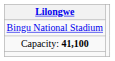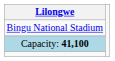 <table class="wikitable" style="text-align:center">
 <tr>
 <th><a href='#'>Lilongwe</a></th>
 <td rowspan=4></td>
 </tr>
 <tr>
 <td><a href='#'>Bingu National Stadium</a></td>
 </tr>
 <tr>
-<td>Capacity: <strong>41,100</strong></td>
+<td style="background: lightblue;">Capacity: <strong>41,100</strong></td>
 </tr>
 <tr>
 <td></td>
 </tr>
 </table>
